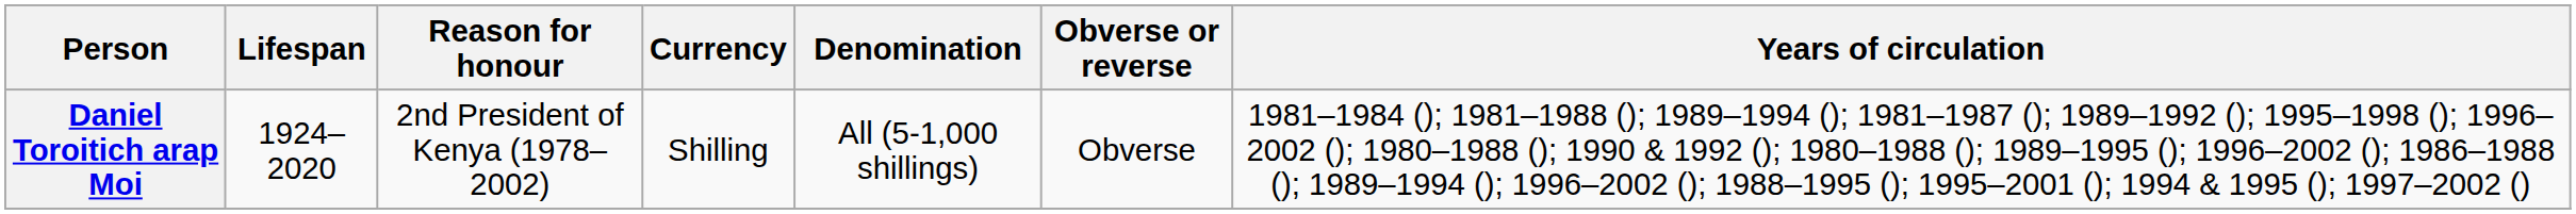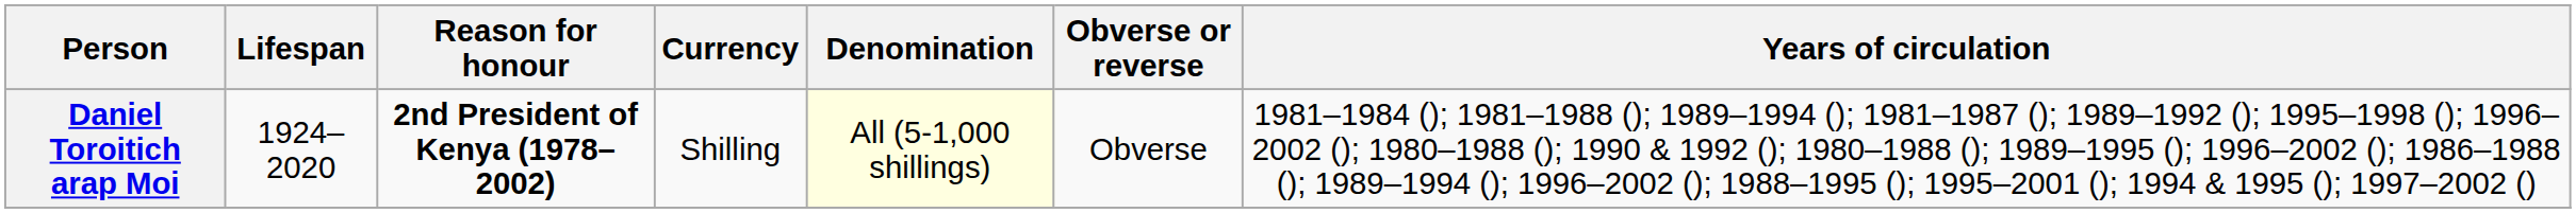 <table class="wikitable" style="font-size:95%; text-align:center;">
 <tr>
 <th>Person</th>
 <th>Lifespan</th>
 <th>Reason for honour</th>
 <th>Currency</th>
 <th>Denomination</th>
 <th>Obverse or reverse</th>
 <th>Years of circulation</th>
 </tr>
 <tr>
 <th><a href='#'>Daniel Toroitich arap Moi</a></th>
 <td>1924–2020</td>
-<td>2nd President of Kenya (1978–2002)</td>
+<td><strong>2nd President of Kenya (1978–2002)</strong></td>
 <td>Shilling</td>
-<td>All (5-1,000 shillings)</td>
+<td style="background: lightyellow;">All (5-1,000 shillings)</td>
 <td>Obverse</td>
 <td>1981–1984 (); 1981–1988 (); 1989–1994 (); 1981–1987 (); 1989–1992 (); 1995–1998 (); 1996–2002 (); 1980–1988 (); 1990 & 1992 (); 1980–1988 (); 1989–1995 (); 1996–2002 (); 1986–1988 (); 1989–1994 (); 1996–2002 (); 1988–1995 (); 1995–2001 (); 1994 & 1995 (); 1997–2002 ()</td>
 </tr>
 <tr>
 </tr>
 </table>
